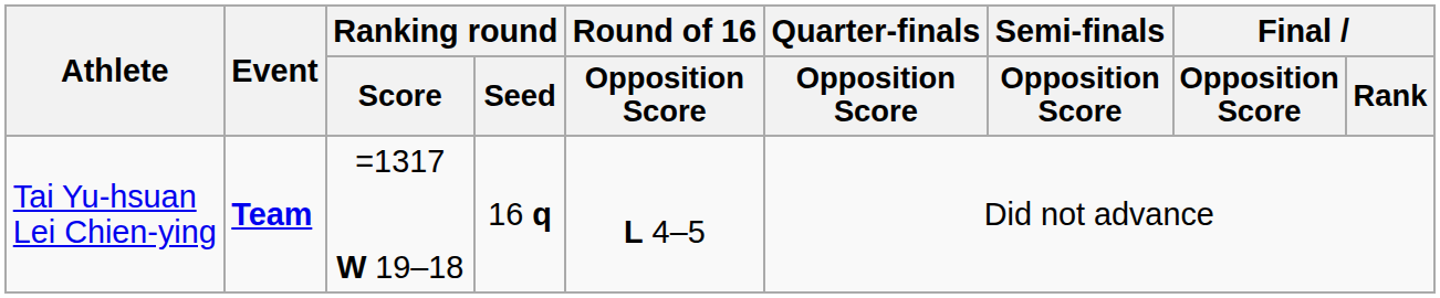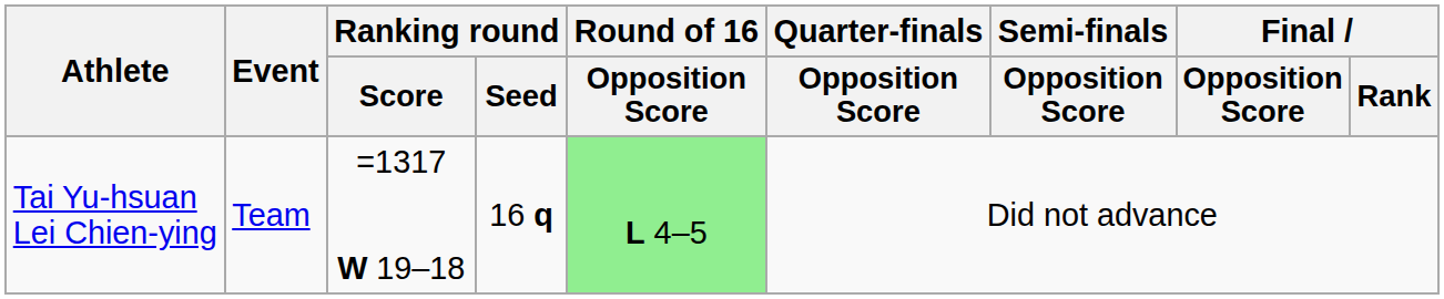 <table class="wikitable" style="font-size:90%; text-align:center">
 <tr>
 <th rowspan="2">Athlete</th>
 <th rowspan="2">Event</th>
 <th colspan="2">Ranking round</th>
 <th>Round of 16</th>
 <th>Quarter-finals</th>
 <th>Semi-finals</th>
 <th colspan="3">Final / </th>
 </tr>
 <tr style="font-size:95%">
 <th>Score</th>
 <th>Seed</th>
 <th>Opposition<br>Score</th>
 <th>Opposition<br>Score</th>
 <th>Opposition<br>Score</th>
 <th>Opposition<br>Score</th>
 <th>Rank</th>
 </tr>
 <tr>
 <td align="left"><a href='#'>Tai Yu-hsuan</a><br><a href='#'>Lei Chien-ying</a></td>
-<td align="left"><strong><a href='#'>Team</a></strong></td>
+<td align="left"><a href='#'>Team</a></td>
 <td>=1317 <strong></strong><br><br><br><strong>W</strong> 19–18</td>
 <td>16  <strong>q</strong></td>
-<td><br><strong>L</strong> 4–5</td>
+<td style="background: lightgreen;"><br><strong>L</strong> 4–5</td>
 <td colspan="5">Did not advance</td>
 </tr>
 </table>
